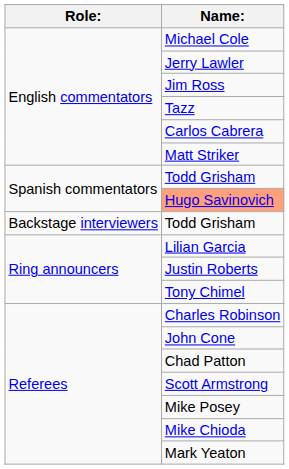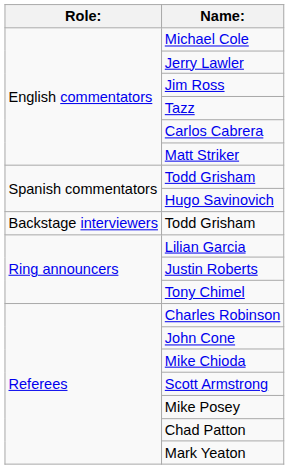 <table class=wikitable style="font-size:90%; margin: 0.5em 0 0.5em 1em; float: right; clear: right;">
 <tr>
 <th>Role:</th>
 <th>Name:</th>
 </tr>
 <tr>
 <td rowspan=6>English <a href='#'>commentators</a></td>
 <td><a href='#'>Michael Cole</a> </td>
 </tr>
 <tr>
 <td><a href='#'>Jerry Lawler</a> </td>
 </tr>
 <tr>
 <td><a href='#'>Jim Ross</a> </td>
 </tr>
 <tr>
 <td><a href='#'>Tazz</a> </td>
 </tr>
 <tr>
 <td><a href='#'>Carlos Cabrera</a></td>
 </tr>
 <tr>
 <td><a href='#'>Matt Striker</a> </td>
 </tr>
 <tr>
 <td rowspan=2>Spanish commentators</td>
 <td><a href='#'>Todd Grisham</a> </td>
 </tr>
 <tr>
-<td style="background: lightsalmon;"><a href='#'>Hugo Savinovich</a></td>
+<td><a href='#'>Hugo Savinovich</a></td>
 </tr>
 <tr>
 <td>Backstage <a href='#'>interviewers</a></td>
 <td>Todd Grisham</td>
 </tr>
 <tr>
 <td rowspan=3><a href='#'>Ring announcers</a></td>
 <td><a href='#'>Lilian Garcia</a> </td>
 </tr>
 <tr>
 <td><a href='#'>Justin Roberts</a> </td>
 </tr>
 <tr>
 <td><a href='#'>Tony Chimel</a> </td>
 </tr>
 <tr>
 <td rowspan=7><a href='#'>Referees</a></td>
 <td><a href='#'>Charles Robinson</a></td>
 </tr>
 <tr>
 <td><a href='#'>John Cone</a></td>
 </tr>
 <tr>
-<td>Chad Patton</td>
+<td><a href='#'>Mike Chioda</a></td>
 </tr>
 <tr>
 <td><a href='#'>Scott Armstrong</a></td>
 </tr>
 <tr>
 <td>Mike Posey</td>
 </tr>
 <tr>
-<td><a href='#'>Mike Chioda</a></td>
+<td>Chad Patton</td>
 </tr>
 <tr>
 <td>Mark Yeaton</td>
 </tr>
 </table>
